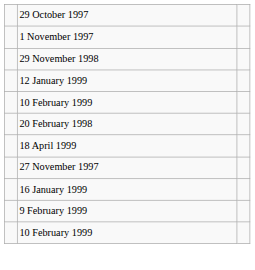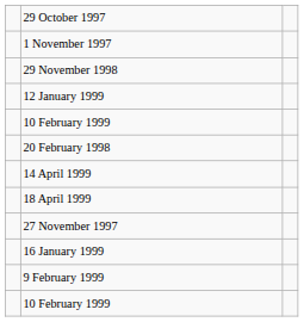 <table class="wikitable" style="font-size: 89%; float: left; width: 24em; margin-right: 1em; line-height: 1.65em !important; height: 324px;">
 <tr>
 <td></td>
 <td>29 October 1997</td>
 <td></td>
 </tr>
 <tr>
 <td></td>
 <td>1 November 1997</td>
 <td></td>
 </tr>
 <tr>
 <td></td>
 <td>29 November 1998</td>
 <td></td>
 </tr>
 <tr>
 <td></td>
 <td>12 January 1999</td>
 <td></td>
 </tr>
 <tr>
 <td></td>
 <td>10 February 1999</td>
 <td></td>
 </tr>
 <tr>
 <td></td>
 <td>20 February 1998</td>
 <td></td>
 </tr>
 <tr>
 <td></td>
+<td>14 April 1999</td>
+<td></td>
+</tr>
+<tr>
+<td></td>
 <td>18 April 1999</td>
 <td></td>
 </tr>
 <tr>
 <td></td>
 <td>27 November 1997</td>
 <td></td>
 </tr>
 <tr>
 <td></td>
 <td>16 January 1999</td>
 <td></td>
 </tr>
 <tr>
 <td></td>
 <td>9 February 1999</td>
 <td></td>
 </tr>
 <tr>
 <td></td>
 <td>10 February 1999</td>
 <td></td>
 </tr>
 </table>
